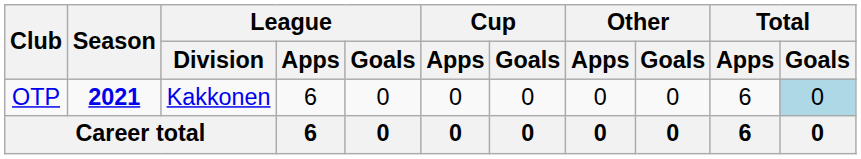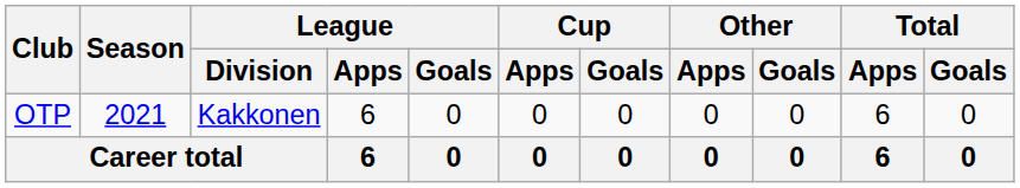 <table class="wikitable" style="text-align: center">
 <tr>
 <th rowspan="2">Club</th>
 <th rowspan="2">Season</th>
 <th colspan="3">League</th>
 <th colspan="2">Cup</th>
 <th colspan="2">Other</th>
 <th colspan="2">Total</th>
 </tr>
 <tr>
 <th>Division</th>
 <th>Apps</th>
 <th>Goals</th>
 <th>Apps</th>
 <th>Goals</th>
 <th>Apps</th>
 <th>Goals</th>
 <th>Apps</th>
 <th>Goals</th>
 </tr>
 <tr>
 <td><a href='#'>OTP</a></td>
-<td><strong><a href='#'>2021</a></strong></td>
+<td><a href='#'>2021</a></td>
 <td><a href='#'>Kakkonen</a></td>
 <td>6</td>
 <td>0</td>
 <td>0</td>
 <td>0</td>
 <td>0</td>
 <td>0</td>
 <td>6</td>
-<td style="background: lightblue;">0</td>
+<td>0</td>
 </tr>
 <tr>
 <th colspan="3">Career total</th>
 <th>6</th>
 <th>0</th>
 <th>0</th>
 <th>0</th>
 <th>0</th>
 <th>0</th>
 <th>6</th>
 <th>0</th>
 </tr>
 </table>
